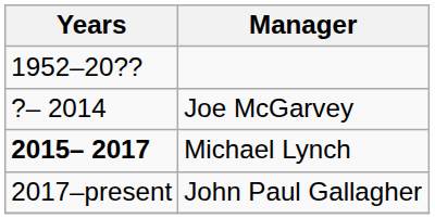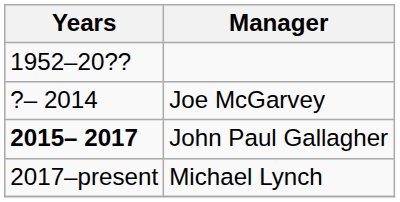 <table class="wikitable">
 <tr>
 <th>Years</th>
 <th>Manager</th>
 </tr>
 <tr>
 <td>1952–20??</td>
 <td></td>
 </tr>
 <tr>
 <td>?– 2014</td>
 <td>Joe McGarvey</td>
 </tr>
 <tr>
 <td><strong>2015– 2017</strong></td>
-<td>Michael Lynch</td>
+<td>John Paul Gallagher</td>
 </tr>
 <tr>
 <td> 2017–present</td>
-<td>John Paul Gallagher</td>
+<td>Michael Lynch</td>
 </tr>
 <tr>
 </tr>
 </table>
